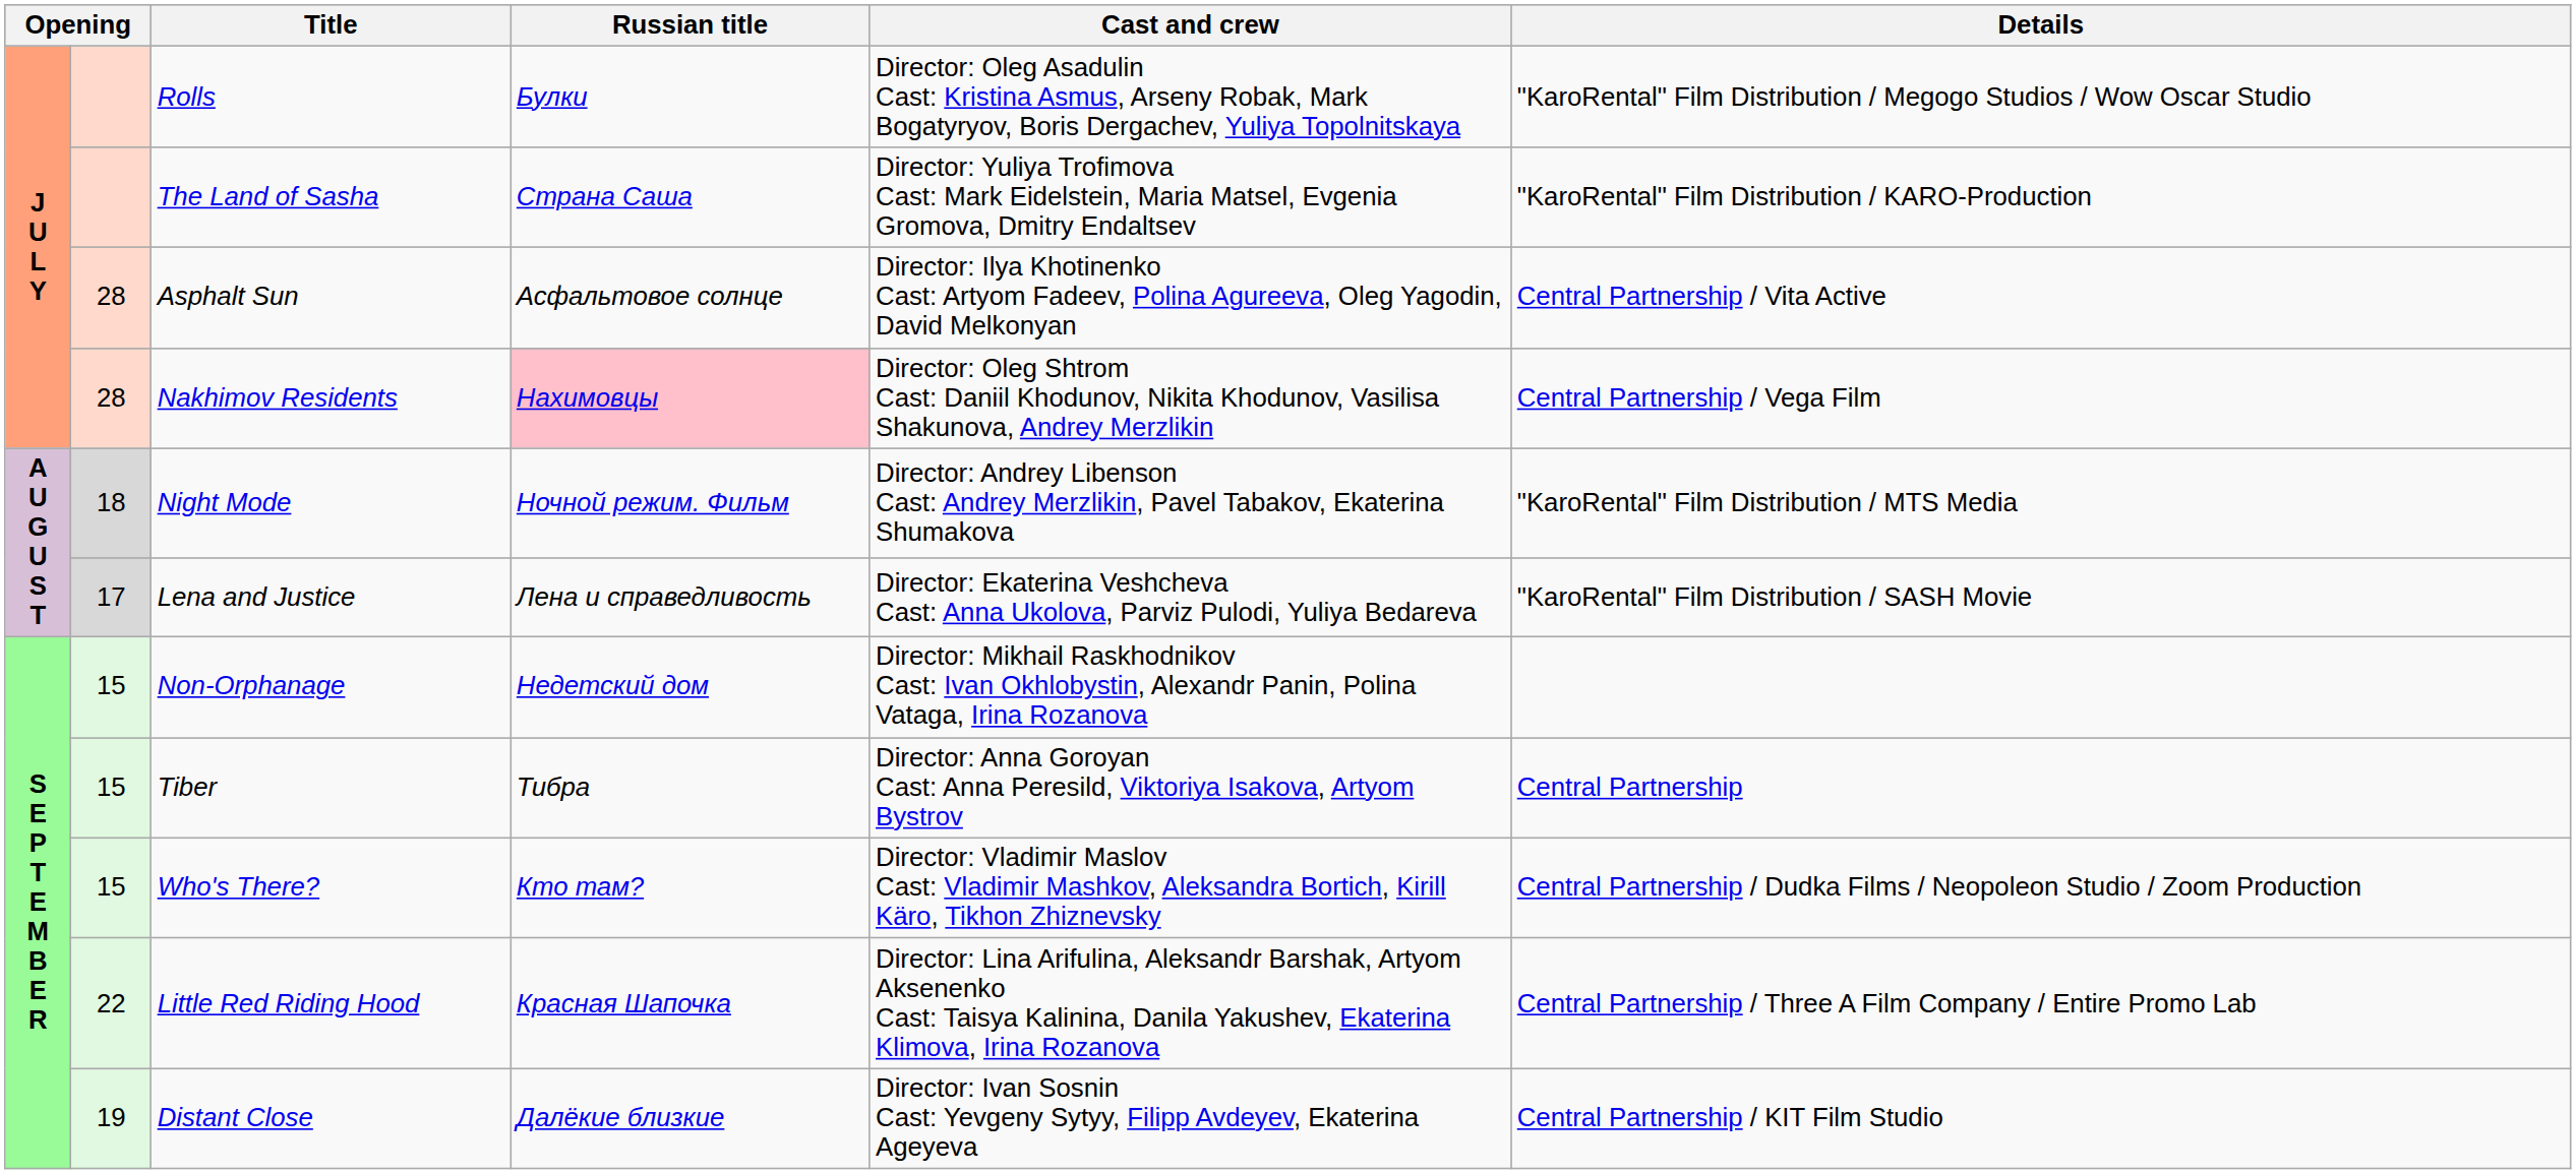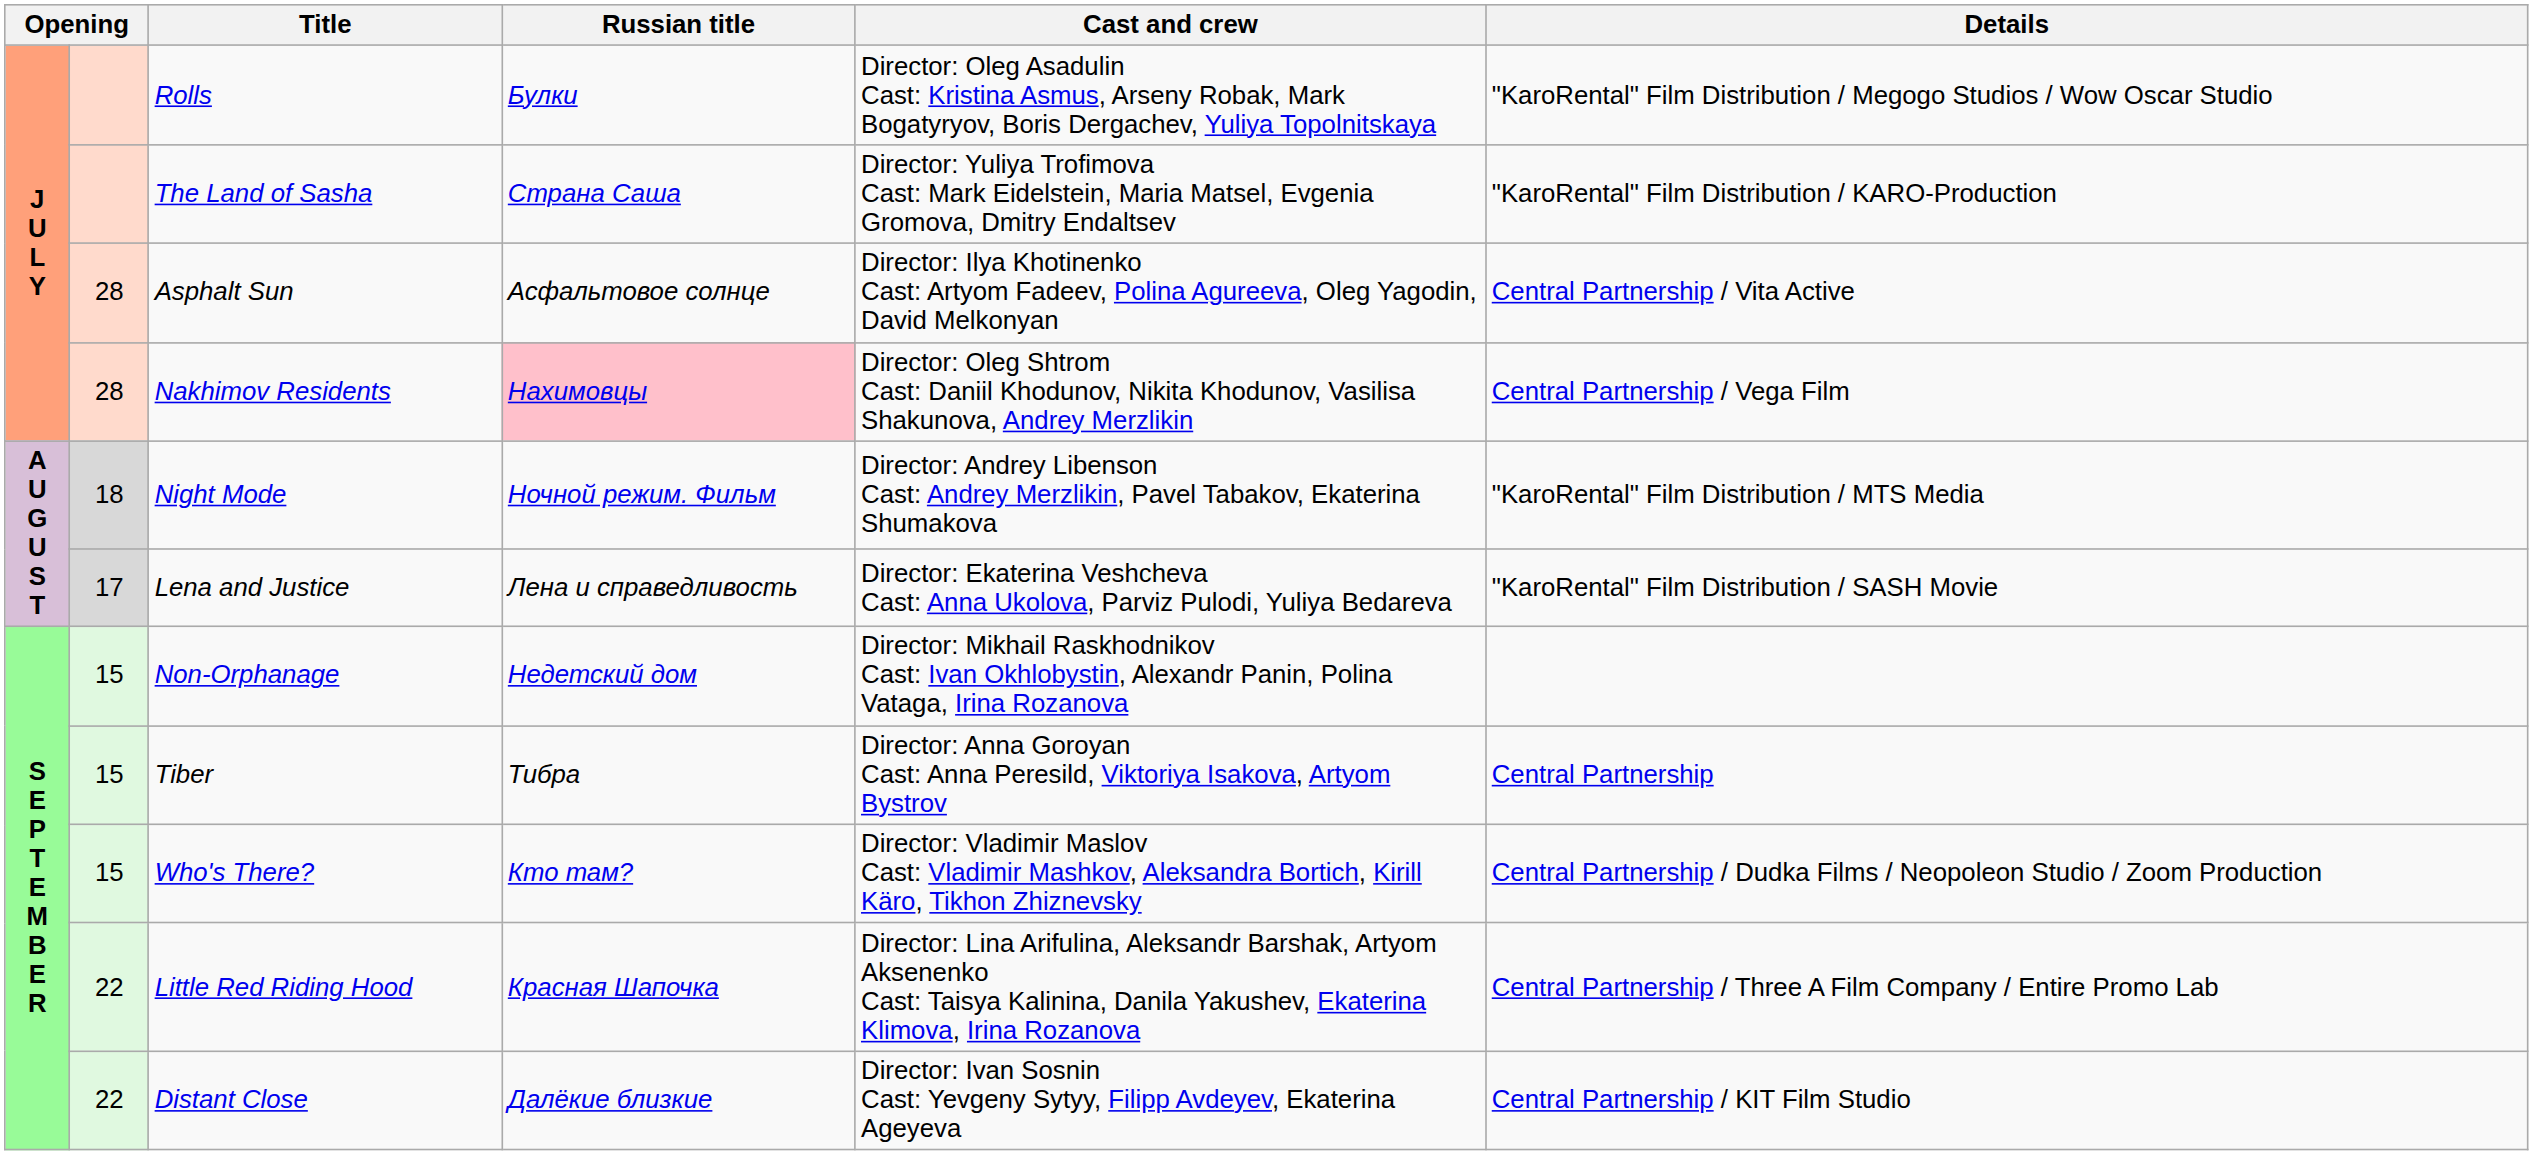 <table class="wikitable">
 <tr>
 <th colspan="2">Opening</th>
 <th style="width:14%;">Title</th>
 <th style="width:14%;">Russian title</th>
 <th style="width:25%;">Cast and crew</th>
 <th>Details</th>
 </tr>
 <tr>
 <th rowspan="4" align="center" style="background:#ffa07a; textcolor:#000;">J<br>U<br>L<br>Y</th>
 <td align="center" style="background:#ffdacc;"></td>
 <td><em><a href='#'>Rolls</a></em></td>
 <td><em><a href='#'>Булки</a></em></td>
 <td>Director: Oleg Asadulin <br> Cast: <a href='#'>Kristina Asmus</a>, Arseny Robak, Mark Bogatyryov, Boris Dergachev, <a href='#'>Yuliya Topolnitskaya</a></td>
 <td>"KaroRental" Film Distribution / Megogo Studios / Wow Oscar Studio</td>
 </tr>
 <tr>
 <td align="center" style="background:#ffdacc;"></td>
 <td><em><a href='#'>The Land of Sasha</a></em></td>
 <td><em><a href='#'>Страна Саша</a></em></td>
 <td>Director: Yuliya Trofimova <br> Cast: Mark Eidelstein, Maria Matsel, Evgenia Gromova, Dmitry Endaltsev</td>
 <td>"KaroRental" Film Distribution / KARO-Production</td>
 </tr>
 <tr>
 <td align="center" style="background:#ffdacc;">28</td>
 <td><em>Asphalt Sun</em></td>
 <td><em>Асфальтовое солнце</em></td>
 <td>Director: Ilya Khotinenko <br> Cast: Artyom Fadeev, <a href='#'>Polina Agureeva</a>, Oleg Yagodin, David Melkonyan</td>
 <td><a href='#'>Central Partnership</a> / Vita Active</td>
 </tr>
 <tr>
 <td align="center" style="background:#ffdacc;">28</td>
 <td><em><a href='#'>Nakhimov Residents</a></em></td>
 <td style="background: pink;"><em><a href='#'>Нахимовцы</a></em></td>
 <td>Director: Oleg Shtrom <br> Cast: Daniil Khodunov, Nikita Khodunov, Vasilisa Shakunova, <a href='#'>Andrey Merzlikin</a></td>
 <td><a href='#'>Central Partnership</a> / Vega Film</td>
 </tr>
 <tr>
 <th rowspan="2" align="center" style="background:thistle; textcolor:#000;">A<br>U<br>G<br>U<br>S<br>T</th>
 <td align="center" style="background:#d8d8d8;">18</td>
 <td><em><a href='#'>Night Mode</a></em></td>
 <td><em><a href='#'>Ночной режим. Фильм</a></em></td>
 <td>Director: Andrey Libenson <br> Cast: <a href='#'>Andrey Merzlikin</a>, Pavel Tabakov, Ekaterina Shumakova</td>
 <td>"KaroRental" Film Distribution / MTS Media</td>
 </tr>
 <tr>
 <td align="center" style="background:#d8d8d8;">17</td>
 <td><em>Lena and Justice</em></td>
 <td><em>Лена и справедливость</em></td>
 <td>Director: Ekaterina Veshcheva <br> Cast: <a href='#'>Anna Ukolova</a>, Parviz Pulodi, Yuliya Bedareva</td>
 <td>"KaroRental" Film Distribution / SASH Movie</td>
 </tr>
 <tr>
 <th rowspan="5" align="center" style="background:#98fb98; textcolor:#000;">S<br>E<br>P<br>T<br>E<br>M<br>B<br>E<br>R</th>
 <td align="center" style="background:#e0f9e0;">15</td>
 <td><em><a href='#'>Non-Orphanage</a></em></td>
 <td><em><a href='#'>Недетский дом</a></em></td>
 <td>Director: Mikhail Raskhodnikov <br> Cast: <a href='#'>Ivan Okhlobystin</a>, Alexandr Panin, Polina Vataga, <a href='#'>Irina Rozanova</a></td>
 <td></td>
 </tr>
 <tr>
 <td align="center" style="background:#e0f9e0;">15</td>
 <td><em>Tiber</em></td>
 <td><em>Тибра</em></td>
 <td>Director: Anna Goroyan <br> Cast: Anna Peresild, <a href='#'>Viktoriya Isakova</a>, <a href='#'>Artyom Bystrov</a></td>
 <td><a href='#'>Central Partnership</a></td>
 </tr>
 <tr>
 <td align="center" style="background:#e0f9e0;">15</td>
 <td><em><a href='#'>Who's There?</a></em></td>
 <td><em><a href='#'>Кто там?</a></em></td>
 <td>Director: Vladimir Maslov <br> Cast: <a href='#'>Vladimir Mashkov</a>, <a href='#'>Aleksandra Bortich</a>, <a href='#'>Kirill Käro</a>, <a href='#'>Tikhon Zhiznevsky</a></td>
 <td><a href='#'>Central Partnership</a> / Dudka Films / Neopoleon Studio / Zoom Production</td>
 </tr>
 <tr>
 <td align="center" style="background:#e0f9e0;">22</td>
 <td><em><a href='#'>Little Red Riding Hood</a></em></td>
 <td><em><a href='#'>Красная Шапочка</a></em></td>
 <td>Director: Lina Arifulina, Aleksandr Barshak, Artyom Aksenenko <br> Cast: Taisya Kalinina, Danila Yakushev, <a href='#'>Ekaterina Klimova</a>, <a href='#'>Irina Rozanova</a></td>
 <td><a href='#'>Central Partnership</a> / Three A Film Company / Entire Promo Lab</td>
 </tr>
 <tr>
-<td align="center" style="background:#e0f9e0;">19</td>
+<td align="center" style="background:#e0f9e0;">22</td>
 <td><em><a href='#'>Distant Close</a></em></td>
 <td><em><a href='#'>Далёкие близкие</a></em></td>
 <td>Director: Ivan Sosnin <br> Cast: Yevgeny Sytyy, <a href='#'>Filipp Avdeyev</a>, Ekaterina Ageyeva</td>
 <td><a href='#'>Central Partnership</a> / KIT Film Studio</td>
 </tr>
 </table>
